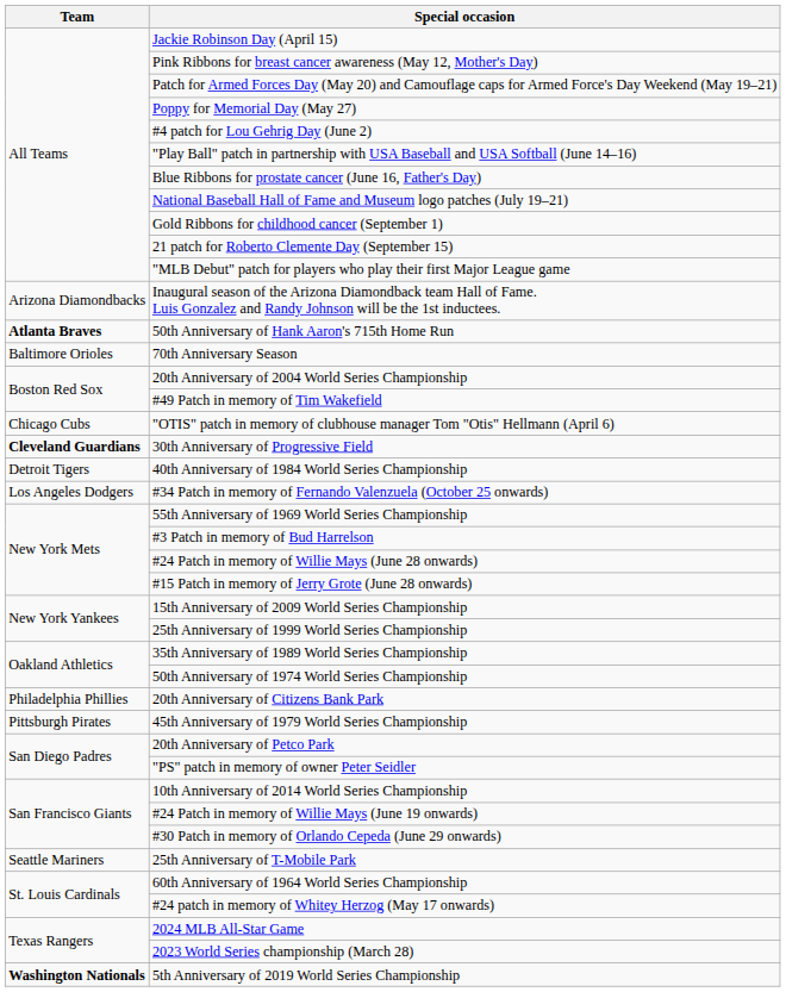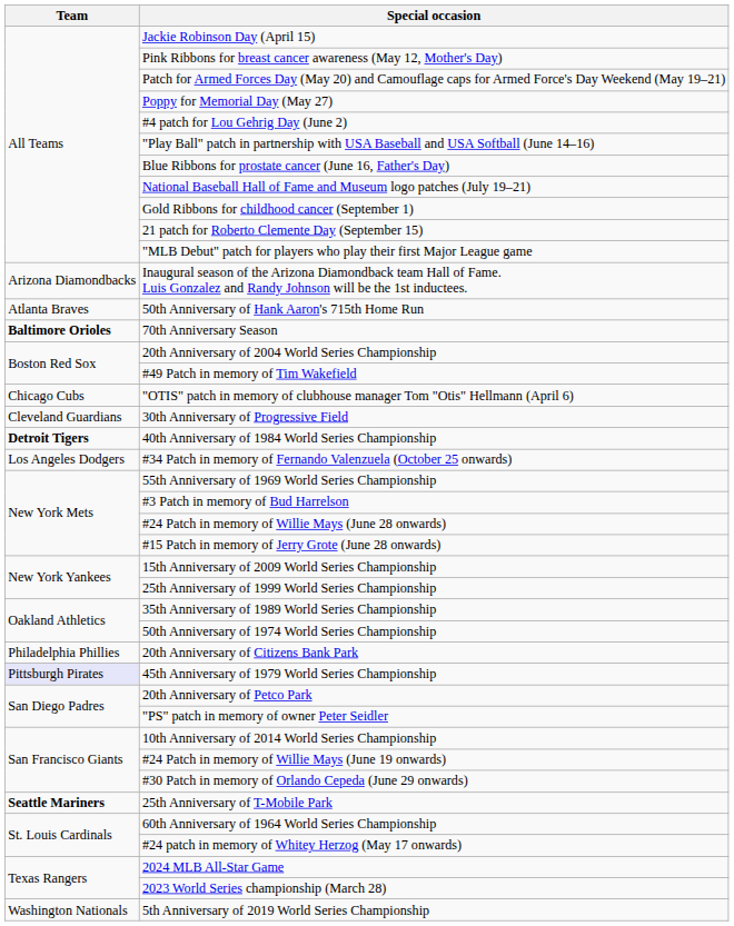 <table class="wikitable">
 <tr>
 <th>Team</th>
 <th>Special occasion</th>
 </tr>
 <tr>
 <td rowspan="11">All Teams</td>
 <td><a href='#'>Jackie Robinson Day</a> (April 15)</td>
 </tr>
 <tr>
 <td>Pink Ribbons for <a href='#'>breast cancer</a> awareness (May 12, <a href='#'>Mother's Day</a>)</td>
 </tr>
 <tr>
 <td>Patch for <a href='#'>Armed Forces Day</a> (May 20) and Camouflage caps for Armed Force's Day Weekend (May 19–21)</td>
 </tr>
 <tr>
 <td><a href='#'>Poppy</a> for <a href='#'>Memorial Day</a> (May 27)</td>
 </tr>
 <tr>
 <td>#4 patch for <a href='#'>Lou Gehrig Day</a> (June 2)</td>
 </tr>
 <tr>
 <td>"Play Ball" patch in partnership with <a href='#'>USA Baseball</a> and <a href='#'>USA Softball</a> (June 14–16)</td>
 </tr>
 <tr>
 <td>Blue Ribbons for <a href='#'>prostate cancer</a> (June 16, <a href='#'>Father's Day</a>)</td>
 </tr>
 <tr>
 <td><a href='#'>National Baseball Hall of Fame and Museum</a> logo patches (July 19–21)</td>
 </tr>
 <tr>
 <td>Gold Ribbons for <a href='#'>childhood cancer</a> (September 1)</td>
 </tr>
 <tr>
 <td>21 patch for <a href='#'>Roberto Clemente Day</a> (September 15)</td>
 </tr>
 <tr>
 <td>"MLB Debut" patch for players who play their first Major League game</td>
 </tr>
 <tr>
 <td>Arizona Diamondbacks</td>
 <td>Inaugural season of the Arizona Diamondback team Hall of Fame.<br><a href='#'>Luis Gonzalez</a> and <a href='#'>Randy Johnson</a> will be the 1st inductees.</td>
 </tr>
 <tr>
-<td><strong>Atlanta Braves</strong></td>
+<td>Atlanta Braves</td>
 <td>50th Anniversary of <a href='#'>Hank Aaron</a>'s 715th Home Run</td>
 </tr>
 <tr>
-<td>Baltimore Orioles</td>
+<td><strong>Baltimore Orioles</strong></td>
 <td>70th Anniversary Season</td>
 </tr>
 <tr>
 <td rowspan="2">Boston Red Sox</td>
 <td>20th Anniversary of 2004 World Series Championship</td>
 </tr>
 <tr>
 <td>#49 Patch in memory of <a href='#'>Tim Wakefield</a></td>
 </tr>
 <tr>
 <td>Chicago Cubs</td>
 <td>"OTIS" patch in memory of clubhouse manager Tom "Otis" Hellmann (April 6)</td>
 </tr>
 <tr>
-<td><strong>Cleveland Guardians</strong></td>
+<td>Cleveland Guardians</td>
 <td>30th Anniversary of <a href='#'>Progressive Field</a></td>
 </tr>
 <tr>
-<td>Detroit Tigers</td>
+<td><strong>Detroit Tigers</strong></td>
 <td>40th Anniversary of 1984 World Series Championship</td>
 </tr>
 <tr>
 <td>Los Angeles Dodgers</td>
 <td>#34 Patch in memory of <a href='#'>Fernando Valenzuela</a> (<a href='#'>October 25</a> onwards)</td>
 </tr>
 <tr>
 <td rowspan="4">New York Mets</td>
 <td>55th Anniversary of 1969 World Series Championship</td>
 </tr>
 <tr>
 <td>#3 Patch in memory of <a href='#'>Bud Harrelson</a></td>
 </tr>
 <tr>
 <td>#24 Patch in memory of <a href='#'>Willie Mays</a> (June 28 onwards)</td>
 </tr>
 <tr>
 <td>#15 Patch in memory of <a href='#'>Jerry Grote</a> (June 28 onwards)</td>
 </tr>
 <tr>
 <td rowspan="2">New York Yankees</td>
 <td>15th Anniversary of 2009 World Series Championship</td>
 </tr>
 <tr>
 <td>25th Anniversary of 1999 World Series Championship</td>
 </tr>
 <tr>
 <td rowspan="2">Oakland Athletics</td>
 <td>35th Anniversary of 1989 World Series Championship</td>
 </tr>
 <tr>
 <td>50th Anniversary of 1974 World Series Championship</td>
 </tr>
 <tr>
 <td>Philadelphia Phillies</td>
 <td>20th Anniversary of <a href='#'>Citizens Bank Park</a></td>
 </tr>
 <tr>
-<td>Pittsburgh Pirates</td>
+<td style="background: lavender;">Pittsburgh Pirates</td>
 <td>45th Anniversary of 1979 World Series Championship</td>
 </tr>
 <tr>
 <td rowspan="2">San Diego Padres</td>
 <td>20th Anniversary of <a href='#'>Petco Park</a></td>
 </tr>
 <tr>
 <td>"PS" patch in memory of owner <a href='#'>Peter Seidler</a></td>
 </tr>
 <tr>
 <td rowspan="3">San Francisco Giants</td>
 <td>10th Anniversary of 2014 World Series Championship</td>
 </tr>
 <tr>
 <td>#24 Patch in memory of <a href='#'>Willie Mays</a> (June 19 onwards)</td>
 </tr>
 <tr>
 <td>#30 Patch in memory of <a href='#'>Orlando Cepeda</a> (June 29 onwards)</td>
 </tr>
 <tr>
-<td>Seattle Mariners</td>
+<td><strong>Seattle Mariners</strong></td>
 <td>25th Anniversary of <a href='#'>T-Mobile Park</a></td>
 </tr>
 <tr>
 <td rowspan="2">St. Louis Cardinals</td>
 <td>60th Anniversary of 1964 World Series Championship</td>
 </tr>
 <tr>
 <td>#24 patch in memory of <a href='#'>Whitey Herzog</a> (May 17 onwards)</td>
 </tr>
 <tr>
 <td rowspan="2">Texas Rangers</td>
 <td><a href='#'>2024 MLB All-Star Game</a></td>
 </tr>
 <tr>
 <td><a href='#'>2023 World Series</a> championship (March 28)</td>
 </tr>
 <tr>
-<td><strong>Washington Nationals</strong></td>
+<td>Washington Nationals</td>
 <td>5th Anniversary of 2019 World Series Championship</td>
 </tr>
 </table>
